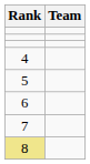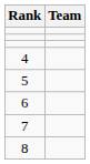 <table class="wikitable" style="text-align: center">
 <tr>
 <th>Rank</th>
 <th>Team</th>
 </tr>
 <tr>
 <td></td>
 <td align=left></td>
 </tr>
 <tr>
 <td></td>
 <td align=left></td>
 </tr>
 <tr>
 <td></td>
 <td align=left></td>
 </tr>
 <tr>
 <td>4</td>
 <td align=left></td>
 </tr>
 <tr>
 <td>5</td>
 <td align=left></td>
 </tr>
 <tr>
 <td>6</td>
 <td align=left></td>
 </tr>
 <tr>
 <td>7</td>
 <td align=left></td>
 </tr>
 <tr>
-<td style="background: khaki;">8</td>
+<td>8</td>
 <td align=left></td>
 </tr>
 </table>
